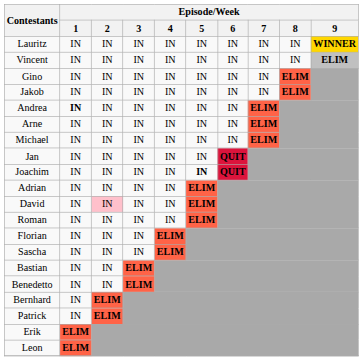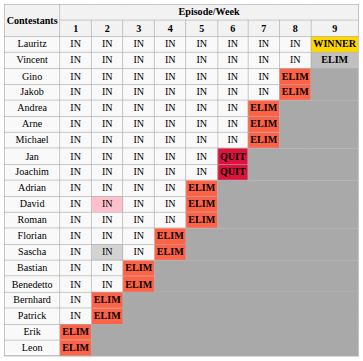 <table class="wikitable" style="text-align:center">
 <tr>
 <th rowspan="2">Contestants</th>
 <th colspan="9">Episode/Week</th>
 </tr>
 <tr>
 <th>1</th>
 <th>2</th>
 <th>3</th>
 <th>4</th>
 <th>5</th>
 <th>6</th>
 <th>7</th>
 <th>8</th>
 <th>9</th>
 </tr>
 <tr>
 <td>Lauritz</td>
 <td>IN</td>
 <td>IN</td>
 <td>IN</td>
 <td>IN</td>
 <td>IN</td>
 <td>IN</td>
 <td>IN</td>
 <td>IN</td>
 <td style="background:gold"><strong>WINNER</strong></td>
 </tr>
 <tr>
 <td>Vincent</td>
 <td>IN</td>
 <td>IN</td>
 <td>IN</td>
 <td>IN</td>
 <td>IN</td>
 <td>IN</td>
 <td>IN</td>
 <td>IN</td>
 <td style="background:silver"><strong>ELIM</strong></td>
 </tr>
 <tr>
 <td>Gino</td>
 <td>IN</td>
 <td>IN</td>
 <td>IN</td>
 <td>IN</td>
 <td>IN</td>
 <td>IN</td>
 <td>IN</td>
 <td style="background:tomato"><strong>ELIM</strong></td>
 <td rowspan="2" colspan="7" style="background:darkgray"></td>
 </tr>
 <tr>
 <td>Jakob</td>
 <td>IN</td>
 <td>IN</td>
 <td>IN</td>
 <td>IN</td>
 <td>IN</td>
 <td>IN</td>
 <td>IN</td>
 <td style="background:tomato"><strong>ELIM</strong></td>
 </tr>
 <tr>
 <td>Andrea</td>
-<td><strong>IN</strong></td>
+<td>IN</td>
 <td>IN</td>
 <td>IN</td>
 <td>IN</td>
 <td>IN</td>
 <td>IN</td>
 <td style="background:tomato"><strong>ELIM</strong></td>
 <td rowspan="3" colspan="7" style="background:darkgray"></td>
 </tr>
 <tr>
 <td>Arne</td>
 <td>IN</td>
 <td>IN</td>
 <td>IN</td>
 <td>IN</td>
 <td>IN</td>
 <td>IN</td>
 <td style="background:tomato"><strong>ELIM</strong></td>
 </tr>
 <tr>
 <td>Michael</td>
 <td>IN</td>
 <td>IN</td>
 <td>IN</td>
 <td>IN</td>
 <td>IN</td>
 <td>IN</td>
 <td style="background:tomato"><strong>ELIM</strong></td>
 </tr>
 <tr>
 <td>Jan</td>
 <td>IN</td>
 <td>IN</td>
 <td>IN</td>
 <td>IN</td>
 <td>IN</td>
 <td style="background:crimson"><strong>QUIT</strong></td>
 <td rowspan="2" colspan="7" style="background:darkgray"></td>
 </tr>
 <tr>
 <td>Joachim</td>
 <td>IN</td>
 <td>IN</td>
 <td>IN</td>
 <td>IN</td>
-<td><strong>IN</strong></td>
+<td>IN</td>
 <td style="background:crimson"><strong>QUIT</strong></td>
 </tr>
 <tr>
 <td>Adrian</td>
 <td>IN</td>
 <td>IN</td>
 <td>IN</td>
 <td>IN</td>
 <td style="background:tomato"><strong>ELIM</strong></td>
 <td rowspan="3" colspan="7" style="background:darkgray"></td>
 </tr>
 <tr>
 <td>David</td>
 <td>IN</td>
 <td style="background: pink;">IN</td>
 <td>IN</td>
 <td>IN</td>
 <td style="background:tomato"><strong>ELIM</strong></td>
 </tr>
 <tr>
 <td>Roman</td>
 <td>IN</td>
 <td>IN</td>
 <td>IN</td>
 <td>IN</td>
 <td style="background:tomato"><strong>ELIM</strong></td>
 </tr>
 <tr>
 <td>Florian</td>
 <td>IN</td>
 <td>IN</td>
 <td>IN</td>
 <td style="background:tomato"><strong>ELIM</strong></td>
 <td rowspan="2" colspan="7" style="background:darkgray"></td>
 </tr>
 <tr>
 <td>Sascha</td>
 <td>IN</td>
-<td>IN</td>
+<td style="background: lightgrey;">IN</td>
 <td>IN</td>
 <td style="background:tomato"><strong>ELIM</strong></td>
 </tr>
 <tr>
 <td>Bastian</td>
 <td>IN</td>
 <td>IN</td>
 <td style="background:tomato"><strong>ELIM</strong></td>
 <td rowspan="2" colspan="7" style="background:darkgray"></td>
 </tr>
 <tr>
 <td>Benedetto</td>
 <td>IN</td>
 <td>IN</td>
 <td style="background:tomato"><strong>ELIM</strong></td>
 </tr>
 <tr>
 <td>Bernhard</td>
 <td>IN</td>
 <td style="background:tomato"><strong>ELIM</strong></td>
 <td rowspan="2" colspan="7" style="background:darkgray"></td>
 </tr>
 <tr>
 <td>Patrick</td>
 <td>IN</td>
 <td style="background:tomato"><strong>ELIM</strong></td>
 </tr>
 <tr>
 <td>Erik</td>
 <td style="background:tomato"><strong>ELIM</strong></td>
 <td rowspan="2" colspan="8" style="background:darkgray"></td>
 </tr>
 <tr>
 <td>Leon</td>
 <td style="background:tomato"><strong>ELIM</strong></td>
 </tr>
 <tr>
 </tr>
 </table>
